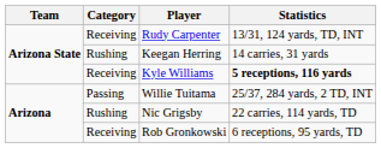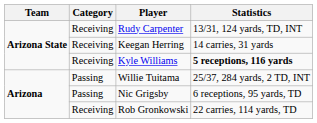 <table class="wikitable" style="float: right;">
 <tr>
 <th>Team</th>
 <th>Category</th>
 <th>Player</th>
 <th>Statistics</th>
 </tr>
 <tr>
 <td rowspan=3><strong>Arizona State</strong></td>
 <td>Receiving</td>
 <td><a href='#'>Rudy Carpenter</a></td>
 <td>13/31, 124 yards, TD, INT</td>
 </tr>
 <tr>
-<td>Rushing</td>
+<td>Receiving</td>
 <td>Keegan Herring</td>
 <td>14 carries, 31 yards</td>
 </tr>
 <tr>
 <td>Receiving</td>
 <td><a href='#'>Kyle Williams</a></td>
 <td><strong>5 receptions, 116 yards</strong></td>
 </tr>
 <tr>
 <td rowspan=3><strong>Arizona</strong></td>
 <td>Passing</td>
 <td>Willie Tuitama</td>
 <td>25/37, 284 yards, 2 TD, INT</td>
 </tr>
 <tr>
-<td>Rushing</td>
+<td>Passing</td>
 <td>Nic Grigsby</td>
-<td>22 carries, 114 yards, TD</td>
+<td>6 receptions, 95 yards, TD</td>
 </tr>
 <tr>
 <td>Receiving</td>
 <td>Rob Gronkowski</td>
-<td>6 receptions, 95 yards, TD</td>
+<td>22 carries, 114 yards, TD</td>
 </tr>
 </table>
